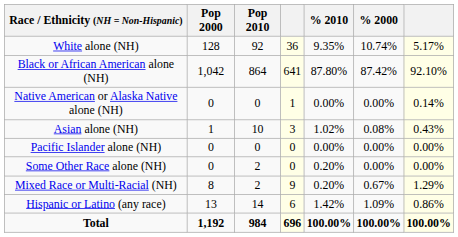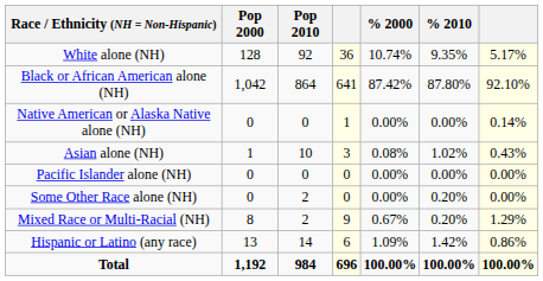 <table class="wikitable" style="text-align:center;">
 <tr>
 <th>Race / Ethnicity <small>(<em>NH = Non-Hispanic</em>)</small></th>
 <th>Pop 2000</th>
 <th>Pop 2010</th>
 <th></th>
+<th>% 2000</th>
 <th>% 2010</th>
-<th>% 2000</th>
 <th></th>
 </tr>
 <tr>
 <td><a href='#'>White</a> alone (NH)</td>
 <td>128</td>
 <td>92</td>
 <td style='background: #ffffe6;'>36</td>
+<td>10.74%</td>
 <td>9.35%</td>
-<td>10.74%</td>
 <td style='background: #ffffe6;'>5.17%</td>
 </tr>
 <tr>
 <td><a href='#'>Black or African American</a> alone (NH)</td>
 <td>1,042</td>
 <td>864</td>
 <td style='background: #ffffe6;'>641</td>
+<td>87.42%</td>
 <td>87.80%</td>
-<td>87.42%</td>
 <td style='background: #ffffe6;'>92.10%</td>
 </tr>
 <tr>
 <td><a href='#'>Native American</a> or <a href='#'>Alaska Native</a> alone (NH)</td>
 <td>0</td>
 <td>0</td>
 <td style='background: #ffffe6;'>1</td>
 <td>0.00%</td>
 <td>0.00%</td>
 <td style='background: #ffffe6;'>0.14%</td>
 </tr>
 <tr>
 <td><a href='#'>Asian</a> alone (NH)</td>
 <td>1</td>
 <td>10</td>
 <td style='background: #ffffe6;'>3</td>
+<td>0.08%</td>
 <td>1.02%</td>
-<td>0.08%</td>
 <td style='background: #ffffe6;'>0.43%</td>
 </tr>
 <tr>
 <td><a href='#'>Pacific Islander</a> alone (NH)</td>
 <td>0</td>
 <td>0</td>
 <td style='background: #ffffe6;'>0</td>
 <td>0.00%</td>
 <td>0.00%</td>
 <td style='background: #ffffe6;'>0.00%</td>
 </tr>
 <tr>
 <td><a href='#'>Some Other Race</a> alone (NH)</td>
 <td>0</td>
 <td>2</td>
 <td style='background: #ffffe6;'>0</td>
+<td>0.00%</td>
 <td>0.20%</td>
-<td>0.00%</td>
 <td style='background: #ffffe6;'>0.00%</td>
 </tr>
 <tr>
 <td><a href='#'>Mixed Race or Multi-Racial</a> (NH)</td>
 <td>8</td>
 <td>2</td>
 <td style='background: #ffffe6;'>9</td>
+<td>0.67%</td>
 <td>0.20%</td>
-<td>0.67%</td>
 <td style='background: #ffffe6;'>1.29%</td>
 </tr>
 <tr>
 <td><a href='#'>Hispanic or Latino</a> (any race)</td>
 <td>13</td>
 <td>14</td>
 <td style='background: #ffffe6;'>6</td>
+<td>1.09%</td>
 <td>1.42%</td>
-<td>1.09%</td>
 <td style='background: #ffffe6;'>0.86%</td>
 </tr>
 <tr>
 <td><strong>Total</strong></td>
 <td><strong>1,192</strong></td>
 <td><strong>984</strong></td>
 <td style='background: #ffffe6;'><strong>696</strong></td>
 <td><strong>100.00%</strong></td>
 <td><strong>100.00%</strong></td>
 <td style='background: #ffffe6;'><strong>100.00%</strong></td>
 </tr>
 </table>
